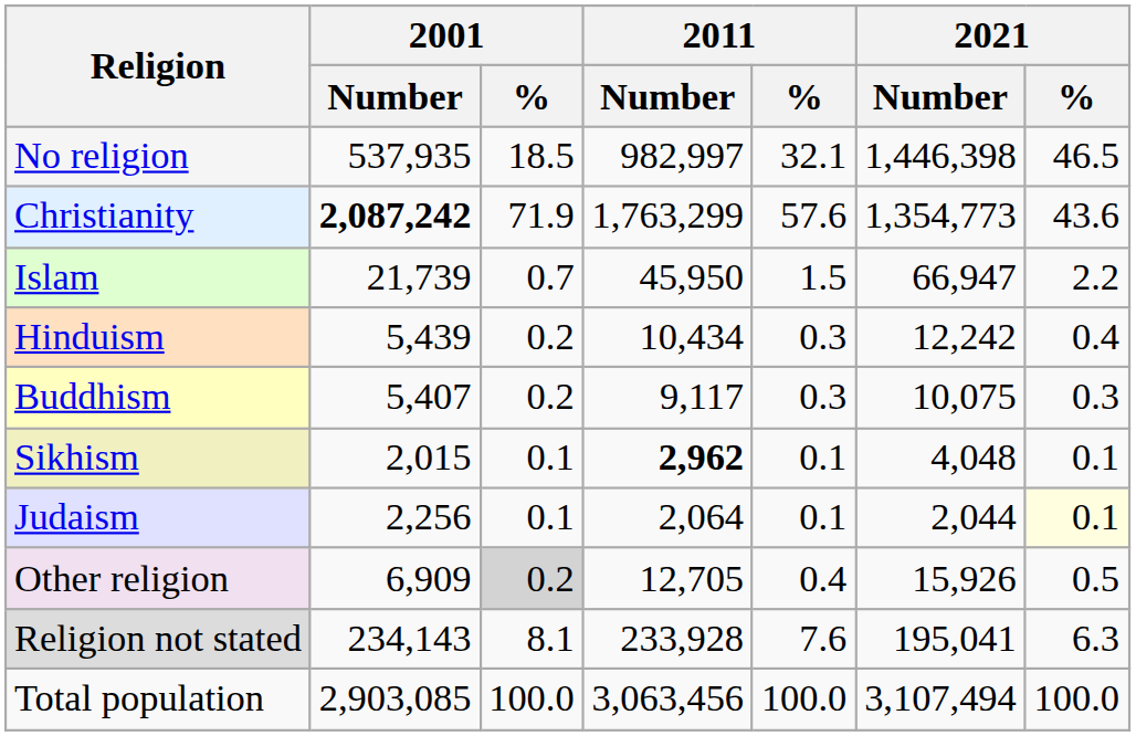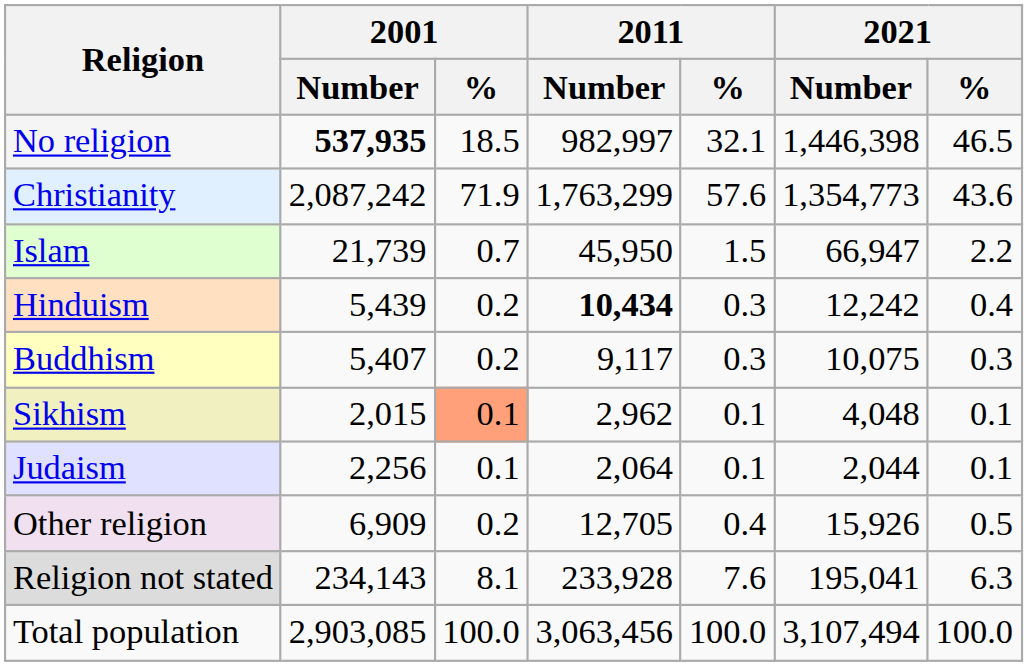 <table class="wikitable">
 <tr>
 <th rowspan="2">Religion</th>
 <th colspan="2">2001</th>
 <th colspan="2">2011</th>
 <th colspan="2">2021</th>
 </tr>
 <tr>
 <th>Number</th>
 <th>%</th>
 <th>Number</th>
 <th>%</th>
 <th>Number</th>
 <th>%</th>
 </tr>
 <tr>
 <td style="background:#F5F5F5;"><a href='#'>No religion</a></td>
-<td align=right>537,935</td>
+<td align=right><strong>537,935</strong></td>
 <td align=right>18.5</td>
 <td align=right>982,997</td>
 <td align=right>32.1</td>
 <td align=right>1,446,398</td>
 <td align=right>46.5</td>
 </tr>
 <tr>
 <td style="background:#E0F0FF;"><a href='#'>Christianity</a></td>
-<td align=right><strong>2,087,242</strong></td>
+<td align=right>2,087,242</td>
 <td align=right>71.9</td>
 <td align=right>1,763,299</td>
 <td align=right>57.6</td>
 <td align=right>1,354,773</td>
 <td align=right>43.6</td>
 </tr>
 <tr>
 <td style="background:#E0FFD0;"><a href='#'>Islam</a></td>
 <td align=right>21,739</td>
 <td align=right>0.7</td>
 <td align=right>45,950</td>
 <td align=right>1.5</td>
 <td align=right>66,947</td>
 <td align=right>2.2</td>
 </tr>
 <tr>
 <td style="background:#FFE0C0;"><a href='#'>Hinduism</a></td>
 <td align=right>5,439</td>
 <td align=right>0.2</td>
-<td align=right>10,434</td>
+<td align=right><strong>10,434</strong></td>
 <td align=right>0.3</td>
 <td align=right>12,242</td>
 <td align=right>0.4</td>
 </tr>
 <tr>
 <td style="background:#FFFFC0;"><a href='#'>Buddhism</a></td>
 <td align=right>5,407</td>
 <td align=right>0.2</td>
 <td align=right>9,117</td>
 <td align=right>0.3</td>
 <td align=right>10,075</td>
 <td align=right>0.3</td>
 </tr>
 <tr>
 <td style="background:#F0F0C0;"><a href='#'>Sikhism</a></td>
 <td align=right>2,015</td>
-<td align=right>0.1</td>
-<td align=right><strong>2,962</strong></td>
+<td align=right style="background: lightsalmon;">0.1</td>
+<td align=right>2,962</td>
 <td align=right>0.1</td>
 <td align=right>4,048</td>
 <td align=right>0.1</td>
 </tr>
 <tr>
 <td style="background:#E0E0FF;"><a href='#'>Judaism</a></td>
 <td align=right>2,256</td>
 <td align=right>0.1</td>
 <td align=right>2,064</td>
 <td align=right>0.1</td>
 <td align=right>2,044</td>
-<td align=right style="background: lightyellow;">0.1</td>
+<td align=right>0.1</td>
 </tr>
 <tr>
 <td style="background:#F0E0F0;">Other religion</td>
 <td align=right>6,909</td>
-<td align=right style="background: lightgrey;">0.2</td>
+<td align=right>0.2</td>
 <td align=right>12,705</td>
 <td align=right>0.4</td>
 <td align=right>15,926</td>
 <td align=right>0.5</td>
 </tr>
 <tr>
 <td style="background:#DCDCDC;">Religion not stated</td>
 <td align=right>234,143</td>
 <td align=right>8.1</td>
 <td align=right>233,928</td>
 <td align=right>7.6</td>
 <td align=right>195,041</td>
 <td align=right>6.3</td>
 </tr>
 <tr>
 <td>Total population</td>
 <td align=right>2,903,085</td>
 <td align=right>100.0</td>
 <td align=right>3,063,456</td>
 <td align=right>100.0</td>
 <td align=right>3,107,494</td>
 <td align=right>100.0</td>
 </tr>
 </table>
